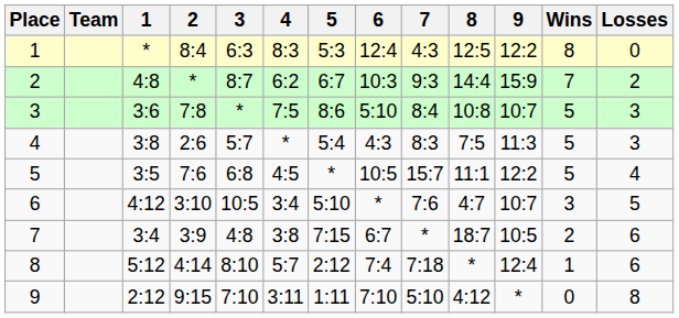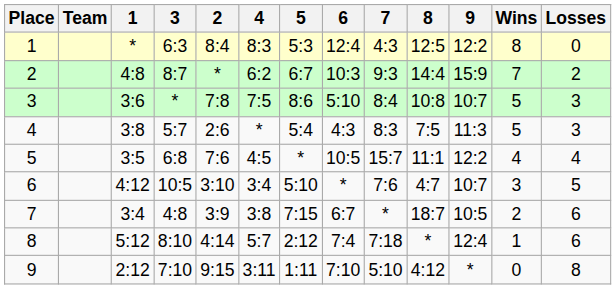 <table class="wikitable" style="text-align:center;">
 <tr>
 <th>Place</th>
 <th>Team</th>
 <th width="25">1</th>
+<th width="25">3</th>
 <th width="25">2</th>
-<th width="25">3</th>
 <th width="25">4</th>
 <th width="25">5</th>
 <th width="25">6</th>
 <th width="25">7</th>
 <th width="25">8</th>
 <th width="25">9</th>
 <th>Wins</th>
 <th>Losses</th>
 </tr>
 <tr bgcolor=#ffc>
 <td>1</td>
 <td align="left"></td>
 <td>*</td>
+<td>6:3</td>
 <td>8:4</td>
-<td>6:3</td>
 <td>8:3</td>
 <td>5:3</td>
 <td>12:4</td>
 <td>4:3</td>
 <td>12:5</td>
 <td>12:2</td>
 <td>8</td>
 <td>0</td>
 </tr>
 <tr bgcolor=#cfc>
 <td>2</td>
 <td align="left"></td>
 <td>4:8</td>
+<td>8:7</td>
 <td>*</td>
-<td>8:7</td>
 <td>6:2</td>
 <td>6:7</td>
 <td>10:3</td>
 <td>9:3</td>
 <td>14:4</td>
 <td>15:9</td>
 <td>7</td>
 <td>2</td>
 </tr>
 <tr bgcolor=#cfc>
 <td>3</td>
 <td align="left"></td>
 <td>3:6</td>
+<td>*</td>
 <td>7:8</td>
-<td>*</td>
 <td>7:5</td>
 <td>8:6</td>
 <td>5:10</td>
 <td>8:4</td>
 <td>10:8</td>
 <td>10:7</td>
 <td>5</td>
 <td>3</td>
 </tr>
 <tr>
 <td>4</td>
 <td align="left"></td>
 <td>3:8</td>
+<td>5:7</td>
 <td>2:6</td>
-<td>5:7</td>
 <td>*</td>
 <td>5:4</td>
 <td>4:3</td>
 <td>8:3</td>
 <td>7:5</td>
 <td>11:3</td>
 <td>5</td>
 <td>3</td>
 </tr>
 <tr>
 <td>5</td>
 <td align="left"></td>
 <td>3:5</td>
+<td>6:8</td>
 <td>7:6</td>
-<td>6:8</td>
 <td>4:5</td>
 <td>*</td>
 <td>10:5</td>
 <td>15:7</td>
 <td>11:1</td>
 <td>12:2</td>
-<td>5</td>
+<td>4</td>
 <td>4</td>
 </tr>
 <tr>
 <td>6</td>
 <td align="left"></td>
 <td>4:12</td>
+<td>10:5</td>
 <td>3:10</td>
-<td>10:5</td>
 <td>3:4</td>
 <td>5:10</td>
 <td>*</td>
 <td>7:6</td>
 <td>4:7</td>
 <td>10:7</td>
 <td>3</td>
 <td>5</td>
 </tr>
 <tr>
 <td>7</td>
 <td align="left"></td>
 <td>3:4</td>
+<td>4:8</td>
 <td>3:9</td>
-<td>4:8</td>
 <td>3:8</td>
 <td>7:15</td>
 <td>6:7</td>
 <td>*</td>
 <td>18:7</td>
 <td>10:5</td>
 <td>2</td>
 <td>6</td>
 </tr>
 <tr>
 <td>8</td>
 <td align="left"></td>
 <td>5:12</td>
+<td>8:10</td>
 <td>4:14</td>
-<td>8:10</td>
 <td>5:7</td>
 <td>2:12</td>
 <td>7:4</td>
 <td>7:18</td>
 <td>*</td>
 <td>12:4</td>
 <td>1</td>
 <td>6</td>
 </tr>
 <tr>
 <td>9</td>
 <td align="left"></td>
 <td>2:12</td>
+<td>7:10</td>
 <td>9:15</td>
-<td>7:10</td>
 <td>3:11</td>
 <td>1:11</td>
 <td>7:10</td>
 <td>5:10</td>
 <td>4:12</td>
 <td>*</td>
 <td>0</td>
 <td>8</td>
 </tr>
 </table>
